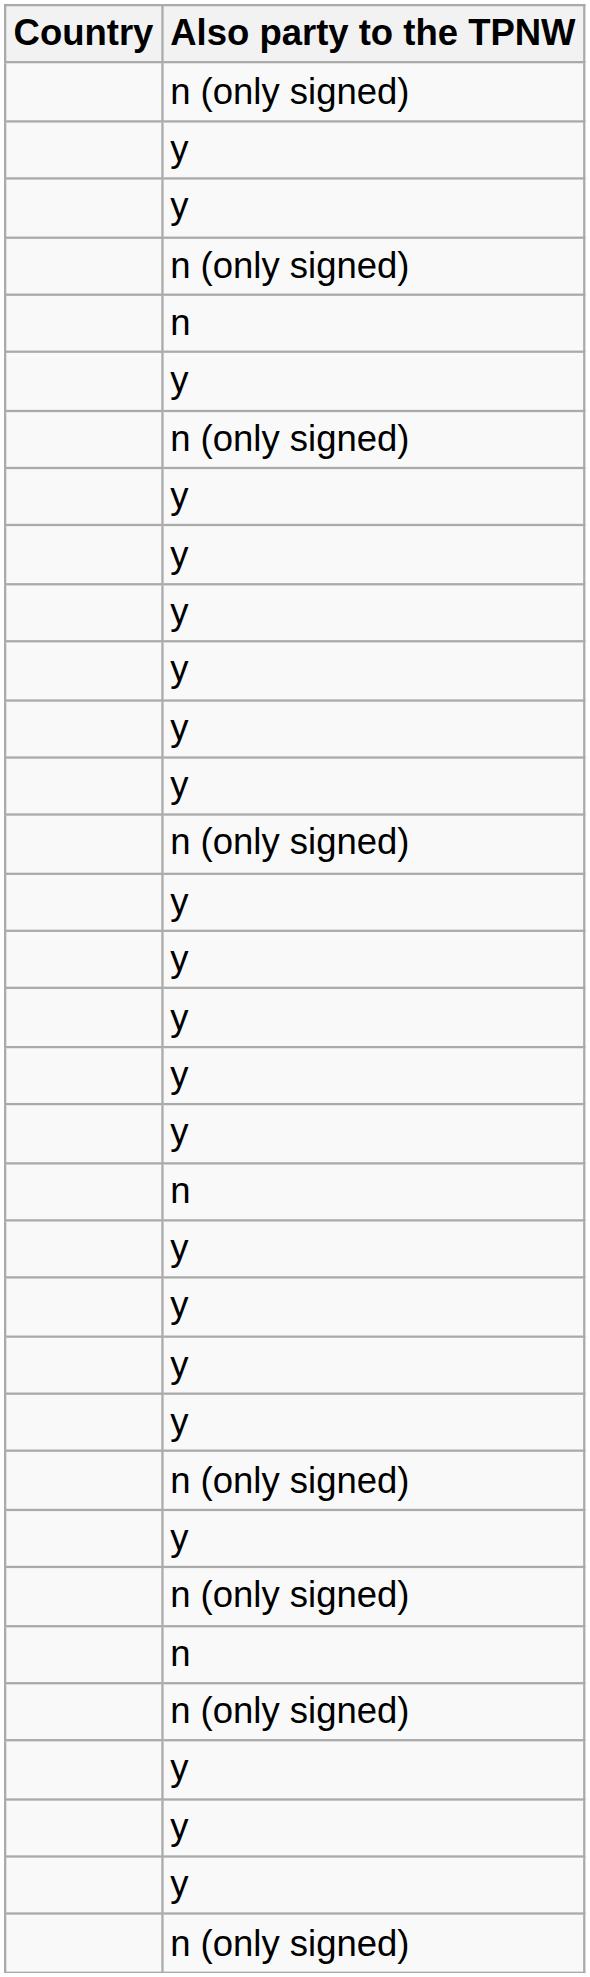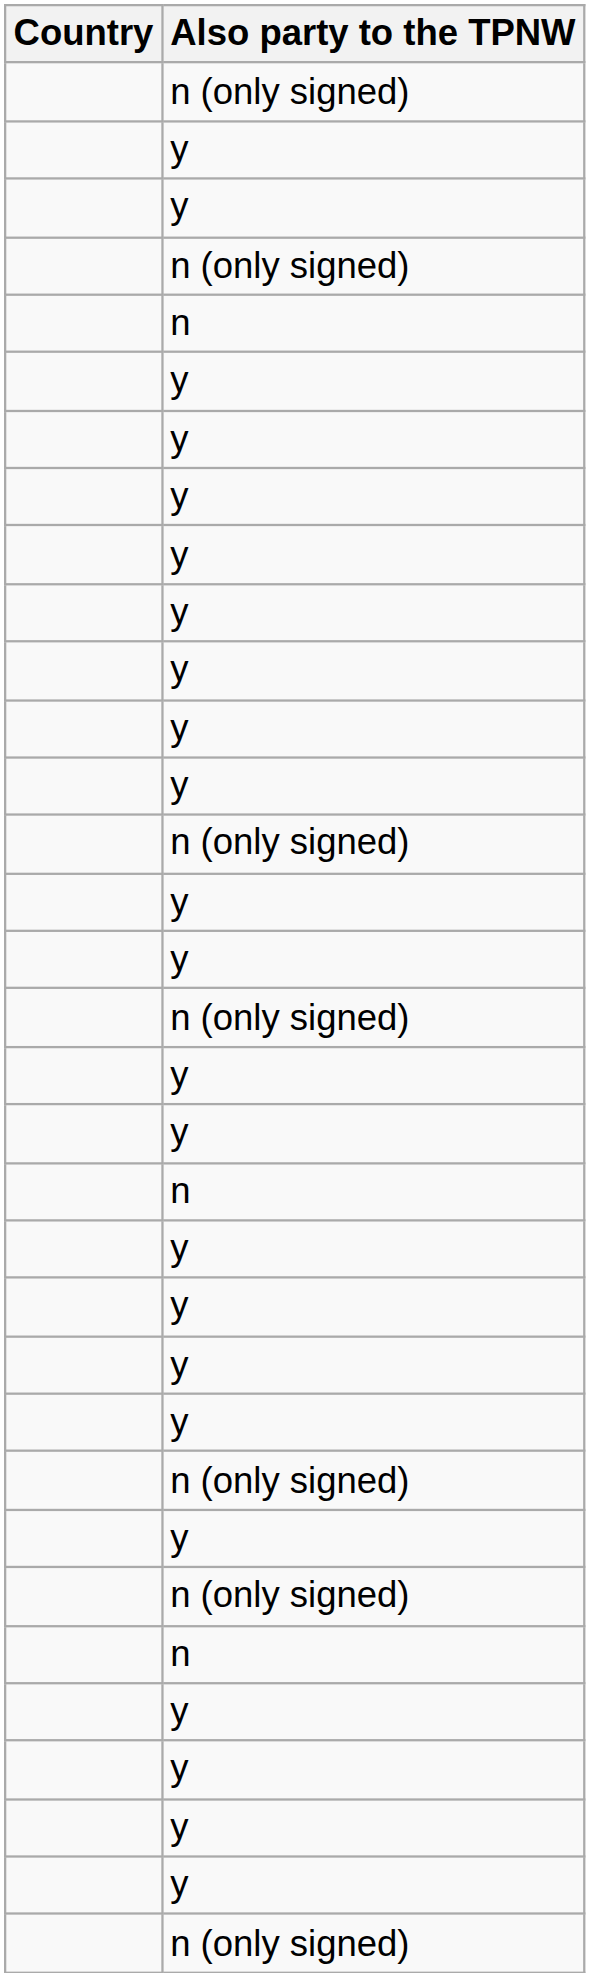 <table class="wikitable sortable mw-collapsible">
 <tr>
 <th scope="col">Country</th>
 <th scope="col">Also party to the TPNW</th>
 </tr>
 <tr>
 <td></td>
 <td>n (only signed)</td>
 </tr>
 <tr>
 <td></td>
 <td>y</td>
 </tr>
 <tr>
 <td></td>
 <td>y</td>
 </tr>
 <tr>
 <td></td>
 <td>n (only signed)</td>
 </tr>
 <tr>
 <td></td>
 <td>n</td>
 </tr>
 <tr>
 <td></td>
 <td>y</td>
 </tr>
 <tr>
 <td></td>
-<td>n (only signed)</td>
+<td>y</td>
 </tr>
 <tr>
 <td></td>
 <td>y</td>
 </tr>
 <tr>
 <td></td>
 <td>y</td>
 </tr>
 <tr>
 <td></td>
 <td>y</td>
 </tr>
 <tr>
 <td></td>
 <td>y</td>
 </tr>
 <tr>
 <td></td>
 <td>y</td>
 </tr>
 <tr>
 <td></td>
 <td>y</td>
 </tr>
 <tr>
 <td></td>
 <td>n (only signed)</td>
 </tr>
 <tr>
 <td></td>
 <td>y</td>
 </tr>
 <tr>
 <td></td>
 <td>y</td>
 </tr>
 <tr>
 <td></td>
-<td>y</td>
+<td>n (only signed)</td>
 </tr>
 <tr>
 <td></td>
 <td>y</td>
 </tr>
 <tr>
 <td></td>
 <td>y</td>
 </tr>
 <tr>
 <td></td>
 <td>n</td>
 </tr>
 <tr>
 <td></td>
 <td>y</td>
 </tr>
 <tr>
 <td></td>
 <td>y</td>
 </tr>
 <tr>
 <td></td>
 <td>y</td>
 </tr>
 <tr>
 <td></td>
 <td>y</td>
 </tr>
 <tr>
 <td></td>
 <td>n (only signed)</td>
 </tr>
 <tr>
 <td></td>
 <td>y</td>
 </tr>
 <tr>
 <td></td>
 <td>n (only signed)</td>
 </tr>
 <tr>
 <td></td>
 <td>n</td>
 </tr>
 <tr>
 <td></td>
-<td>n (only signed)</td>
+<td>y</td>
 </tr>
 <tr>
 <td></td>
 <td>y</td>
 </tr>
 <tr>
 <td></td>
 <td>y</td>
 </tr>
 <tr>
 <td></td>
 <td>y</td>
 </tr>
 <tr>
 <td></td>
 <td>n (only signed)</td>
 </tr>
 </table>
